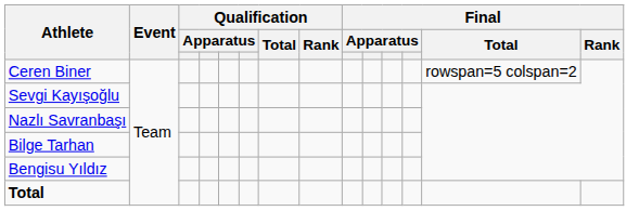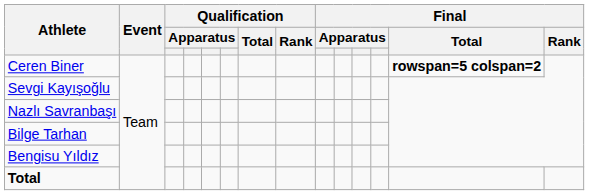 <table class="wikitable" style="font-size:90%">
 <tr>
 <th rowspan=3>Athlete</th>
 <th rowspan=3>Event</th>
 <th colspan=6>Qualification</th>
 <th colspan=6>Final</th>
 </tr>
 <tr style="font-size:95%">
 <th colspan=4>Apparatus</th>
 <th rowspan=2>Total</th>
 <th rowspan=2>Rank</th>
 <th colspan=4>Apparatus</th>
 <th rowspan=2>Total</th>
 <th rowspan=2>Rank</th>
 </tr>
 <tr style="font-size:95%">
 <th></th>
 <th></th>
 <th></th>
 <th></th>
 <th></th>
 <th></th>
 <th></th>
 <th></th>
 </tr>
 <tr align=center>
 <td align=left><a href='#'>Ceren Biner</a></td>
 <td align=left rowspan=6>Team</td>
 <td></td>
 <td></td>
 <td></td>
 <td></td>
 <td></td>
 <td></td>
 <td></td>
 <td></td>
 <td></td>
 <td></td>
-<td>rowspan=5 colspan=2</td>
+<td><strong>rowspan=5 colspan=2</strong></td>
 </tr>
 <tr align=center>
 <td align=left><a href='#'>Sevgi Kayışoğlu</a></td>
 <td></td>
 <td></td>
 <td></td>
 <td></td>
 <td></td>
 <td></td>
 <td></td>
 <td></td>
 <td></td>
 <td></td>
 </tr>
 <tr align=center>
 <td align=left><a href='#'>Nazlı Savranbaşı</a></td>
 <td></td>
 <td></td>
 <td></td>
 <td></td>
 <td></td>
 <td></td>
 <td></td>
 <td></td>
 <td></td>
 <td></td>
 </tr>
 <tr align=center>
 <td align=left><a href='#'>Bilge Tarhan</a></td>
 <td></td>
 <td></td>
 <td></td>
 <td></td>
 <td></td>
 <td></td>
 <td></td>
 <td></td>
 <td></td>
 <td></td>
 </tr>
 <tr align=center>
 <td align=left><a href='#'>Bengisu Yıldız</a></td>
 <td></td>
 <td></td>
 <td></td>
 <td></td>
 <td></td>
 <td></td>
 <td></td>
 <td></td>
 <td></td>
 <td></td>
 </tr>
 <tr align=center>
 <td align=left><strong>Total</strong></td>
 <td></td>
 <td></td>
 <td></td>
 <td></td>
 <td></td>
 <td></td>
 <td></td>
 <td></td>
 <td></td>
 <td></td>
 <td></td>
 <td></td>
 </tr>
 </table>
